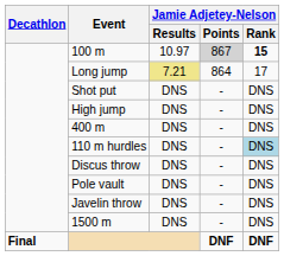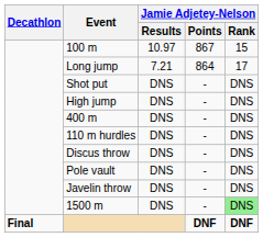 <table class=wikitable style="font-size:90%">
 <tr>
 <th rowspan="2"><a href='#'>Decathlon</a></th>
 <th rowspan="2">Event</th>
 <th colspan="3"><a href='#'>Jamie Adjetey-Nelson</a></th>
 </tr>
 <tr>
 <th>Results</th>
 <th>Points</th>
 <th>Rank</th>
 </tr>
 <tr>
 <td rowspan="10"></td>
 <td>100 m</td>
 <td align=center>10.97</td>
-<td align=center style="background: lightgrey;">867</td>
-<td align=center><strong>15</strong></td>
+<td align=center>867</td>
+<td align=center>15</td>
 </tr>
 <tr>
 <td>Long jump</td>
-<td align=center style="background: khaki;">7.21</td>
+<td align=center>7.21</td>
 <td align=center>864</td>
 <td align=center>17</td>
 </tr>
 <tr>
 <td>Shot put</td>
 <td align=center>DNS</td>
 <td align=center>-</td>
 <td align=center>DNS</td>
 </tr>
 <tr>
 <td>High jump</td>
 <td align=center>DNS</td>
 <td align=center>-</td>
 <td align=center>DNS</td>
 </tr>
 <tr>
 <td>400 m</td>
 <td align=center>DNS</td>
 <td align=center>-</td>
 <td align=center>DNS</td>
 </tr>
 <tr>
 <td>110 m hurdles</td>
 <td align=center>DNS</td>
 <td align=center>-</td>
-<td align=center style="background: lightblue;">DNS</td>
+<td align=center>DNS</td>
 </tr>
 <tr>
 <td>Discus throw</td>
 <td align=center>DNS</td>
 <td align=center>-</td>
 <td align=center>DNS</td>
 </tr>
 <tr>
 <td>Pole vault</td>
 <td align=center>DNS</td>
 <td align=center>-</td>
 <td align=center>DNS</td>
 </tr>
 <tr>
 <td>Javelin throw</td>
 <td align=center>DNS</td>
 <td align=center>-</td>
 <td align=center>DNS</td>
 </tr>
 <tr>
 <td>1500 m</td>
 <td align=center>DNS</td>
 <td align=center>-</td>
-<td align=center>DNS</td>
+<td align=center style="background: lightgreen;">DNS</td>
 </tr>
 <tr>
 <td><strong>Final</strong></td>
 <td colspan="2" style="background:wheat;"></td>
 <td align=center><strong>DNF</strong></td>
 <td align=center><strong>DNF</strong></td>
 </tr>
 </table>
